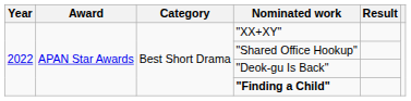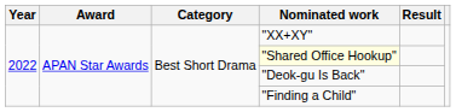 <table class="wikitable sortable plainrowheaders">
 <tr>
 <th scope="col">Year</th>
 <th scope="col">Award</th>
 <th scope="col">Category</th>
 <th scope="col">Nominated work</th>
 <th scope="col">Result</th>
 <th scope="col" class="unsortable"></th>
 </tr>
 <tr>
 <td rowspan=4><a href='#'>2022</a></td>
 <td rowspan=4><a href='#'>APAN Star Awards</a></td>
 <td rowspan=4>Best Short Drama</td>
 <td>"XX+XY"</td>
 <td></td>
 <td style="text-align:center"rowspan=4></td>
 </tr>
 <tr>
-<td>"Shared Office Hookup"</td>
+<td style="background: lightyellow;">"Shared Office Hookup"</td>
 <td></td>
 </tr>
 <tr>
 <td>"Deok-gu Is Back"</td>
 <td></td>
 </tr>
 <tr>
-<td><strong>"Finding a Child"</strong></td>
+<td>"Finding a Child"</td>
 <td></td>
 </tr>
 </table>
